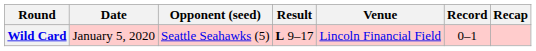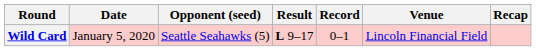 <table class="wikitable" style="text-align:center">
 <tr>
 <th>Round</th>
 <th>Date</th>
 <th>Opponent (seed)</th>
 <th>Result</th>
+<th>Record</th>
 <th>Venue</th>
-<th>Record</th>
 <th>Recap</th>
 </tr>
 <tr style="background:#fcc">
 <th><a href='#'>Wild Card</a></th>
 <td>January 5, 2020</td>
 <td><a href='#'>Seattle Seahawks</a> (5)</td>
 <td><strong>L</strong> 9–17</td>
+<td>0–1</td>
 <td><a href='#'>Lincoln Financial Field</a></td>
-<td>0–1</td>
 <td></td>
 </tr>
 </table>
